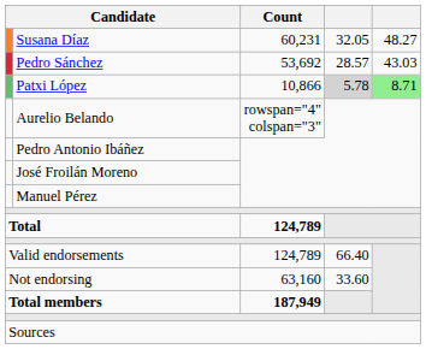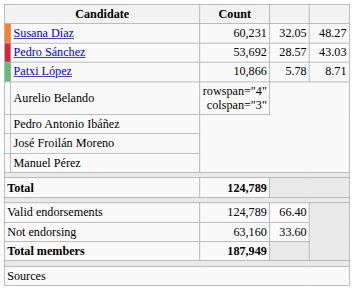 <table class="wikitable" style="text-align:right;">
 <tr>
 <th colspan="2" width="250">Candidate</th>
 <th width="60">Count</th>
 <th width="45"></th>
 <th width="45"></th>
 </tr>
 <tr>
 <td width="1" style="color:inherit;background:#FF7F27"></td>
 <td align="left"><a href='#'>Susana Díaz</a></td>
 <td>60,231</td>
 <td>32.05</td>
 <td>48.27</td>
 </tr>
 <tr>
 <td style="color:inherit;background:#DD2239"></td>
 <td align="left"><a href='#'>Pedro Sánchez</a></td>
 <td>53,692</td>
 <td>28.57</td>
 <td>43.03</td>
 </tr>
 <tr>
 <td style="color:inherit;background:#5FBE74"></td>
 <td align="left"><a href='#'>Patxi López</a></td>
 <td>10,866</td>
-<td style="background: lightgrey;">5.78</td>
-<td style="background: lightgreen;">8.71</td>
+<td>5.78</td>
+<td>8.71</td>
 </tr>
 <tr>
 <td style="color:inherit;background:"></td>
 <td align="left">Aurelio Belando</td>
 <td>rowspan="4" colspan="3" </td>
 </tr>
 <tr>
 <td style="color:inherit;background:"></td>
 <td align="left">Pedro Antonio Ibáñez</td>
 </tr>
 <tr>
 <td style="color:inherit;background:"></td>
 <td align="left">José Froilán Moreno</td>
 </tr>
 <tr>
 <td style="color:inherit;background:"></td>
 <td align="left">Manuel Pérez</td>
 </tr>
 <tr>
 <td colspan="5" bgcolor="#E9E9E9"></td>
 </tr>
 <tr style="font-weight:bold;">
 <td align="left" colspan="2">Total</td>
 <td>124,789</td>
 <td bgcolor="#E9E9E9" colspan="2"></td>
 </tr>
 <tr>
 <td colspan="5" bgcolor="#E9E9E9"></td>
 </tr>
 <tr>
 <td align="left" colspan="2">Valid endorsements</td>
 <td>124,789</td>
 <td>66.40</td>
 <td rowspan="3" bgcolor="#E9E9E9"></td>
 </tr>
 <tr>
 <td align="left" colspan="2">Not endorsing</td>
 <td>63,160</td>
 <td>33.60</td>
 </tr>
 <tr style="font-weight:bold;">
 <td align="left" colspan="2">Total members</td>
 <td>187,949</td>
 <td bgcolor="#E9E9E9"></td>
 </tr>
 <tr>
 <td colspan="5" bgcolor="#E9E9E9"></td>
 </tr>
 <tr>
 <td align="left" colspan="5">Sources</td>
 </tr>
 </table>
